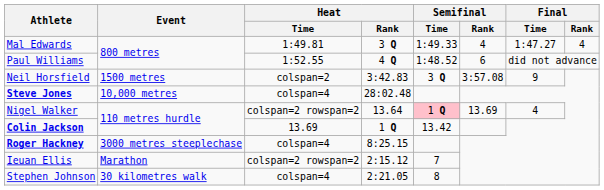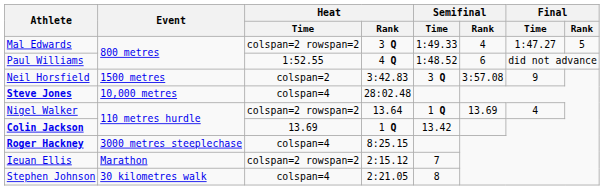 <table class="wikitable" style="font-size:90%">
 <tr>
 <th rowspan="2">Athlete</th>
 <th rowspan="2">Event</th>
 <th colspan="2">Heat</th>
 <th colspan="2">Semifinal</th>
 <th colspan="2">Final</th>
 </tr>
 <tr style="font-size:95%">
 <th>Time</th>
 <th>Rank</th>
 <th>Time</th>
 <th>Rank</th>
 <th>Time</th>
 <th>Rank</th>
 </tr>
 <tr align=center>
 <td align=left><a href='#'>Mal Edwards</a></td>
 <td align=left rowspan=2><a href='#'>800 metres</a></td>
-<td>1:49.81</td>
+<td>colspan=2 rowspan=2 </td>
 <td>3 <strong>Q</strong></td>
 <td>1:49.33</td>
 <td>4</td>
 <td>1:47.27</td>
-<td>4</td>
+<td>5</td>
 </tr>
 <tr align=center>
 <td align=left><a href='#'>Paul Williams</a></td>
 <td>1:52.55</td>
 <td>4 <strong>Q</strong></td>
 <td>1:48.52</td>
 <td>6</td>
 <td colspan=2>did not advance</td>
 </tr>
 <tr align=center>
 <td align=left><a href='#'>Neil Horsfield</a></td>
 <td align=left><a href='#'>1500 metres</a></td>
 <td>colspan=2 </td>
 <td>3:42.83</td>
 <td>3 <strong>Q</strong></td>
 <td>3:57.08</td>
 <td>9</td>
 </tr>
 <tr align=center>
 <td align=left><strong><a href='#'>Steve Jones</a></strong></td>
 <td align=left><a href='#'>10,000 metres</a></td>
 <td>colspan=4 </td>
 <td>28:02.48</td>
 <td></td>
 </tr>
 <tr align=center>
 <td align=left><a href='#'>Nigel Walker</a></td>
 <td align=left rowspan=2><a href='#'>110 metres hurdle</a></td>
 <td>colspan=2 rowspan=2 </td>
 <td>13.64</td>
-<td style="background: pink;">1 <strong>Q</strong></td>
+<td>1 <strong>Q</strong></td>
 <td>13.69</td>
 <td>4</td>
 </tr>
 <tr align=center>
 <td align=left><strong><a href='#'>Colin Jackson</a></strong></td>
 <td>13.69</td>
 <td>1 <strong>Q</strong></td>
 <td>13.42</td>
 <td></td>
 </tr>
 <tr align=center>
 <td align=left><strong><a href='#'>Roger Hackney</a></strong></td>
 <td align=left><a href='#'>3000 metres steeplechase</a></td>
 <td>colspan=4 </td>
 <td>8:25.15</td>
 <td></td>
 </tr>
 <tr align=center>
 <td align=left><a href='#'>Ieuan Ellis</a></td>
 <td align=left><a href='#'>Marathon</a></td>
 <td>colspan=2 rowspan=2 </td>
 <td>2:15.12</td>
 <td>7</td>
 </tr>
 <tr align=center>
 <td align=left><a href='#'>Stephen Johnson</a></td>
 <td align=left><a href='#'>30 kilometres walk</a></td>
 <td>colspan=4 </td>
 <td>2:21.05</td>
 <td>8</td>
 </tr>
 </table>
